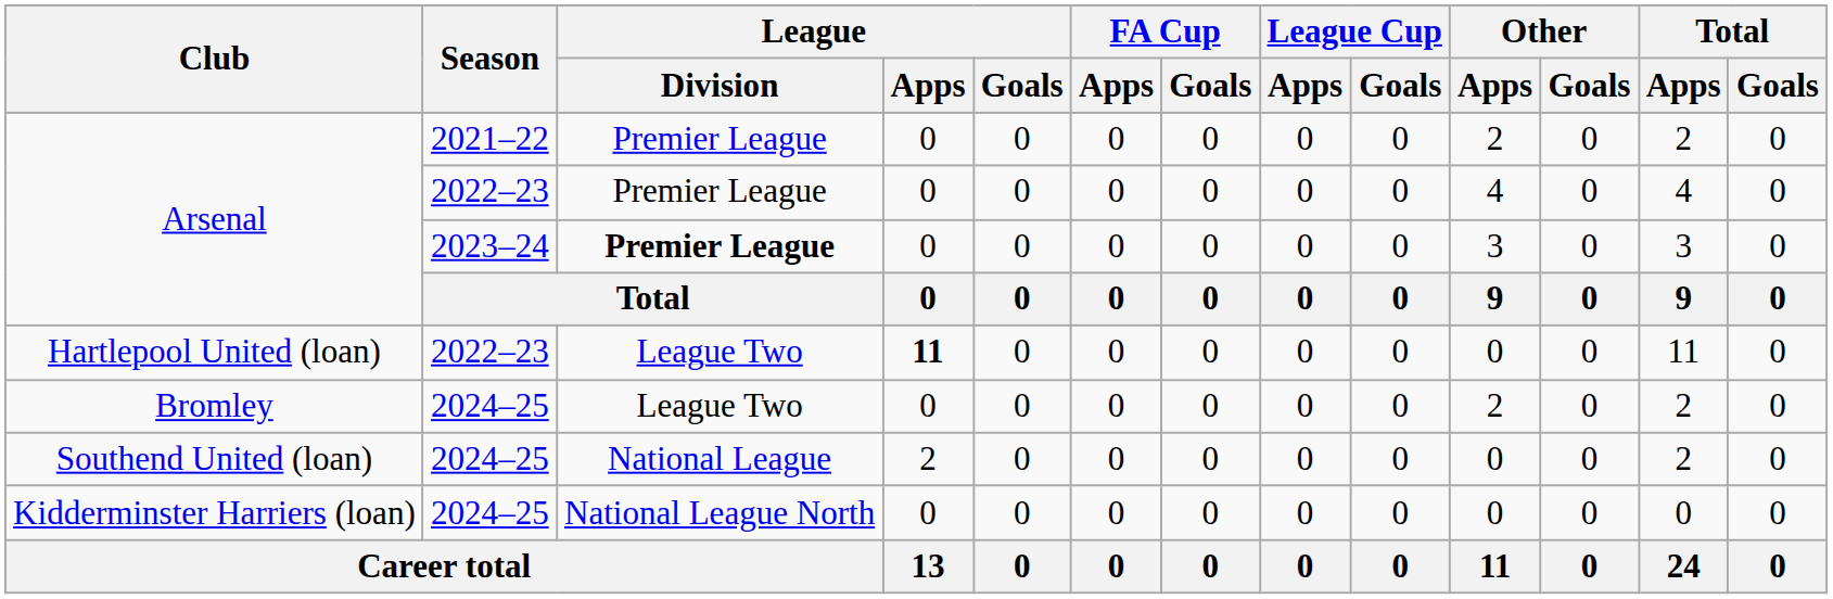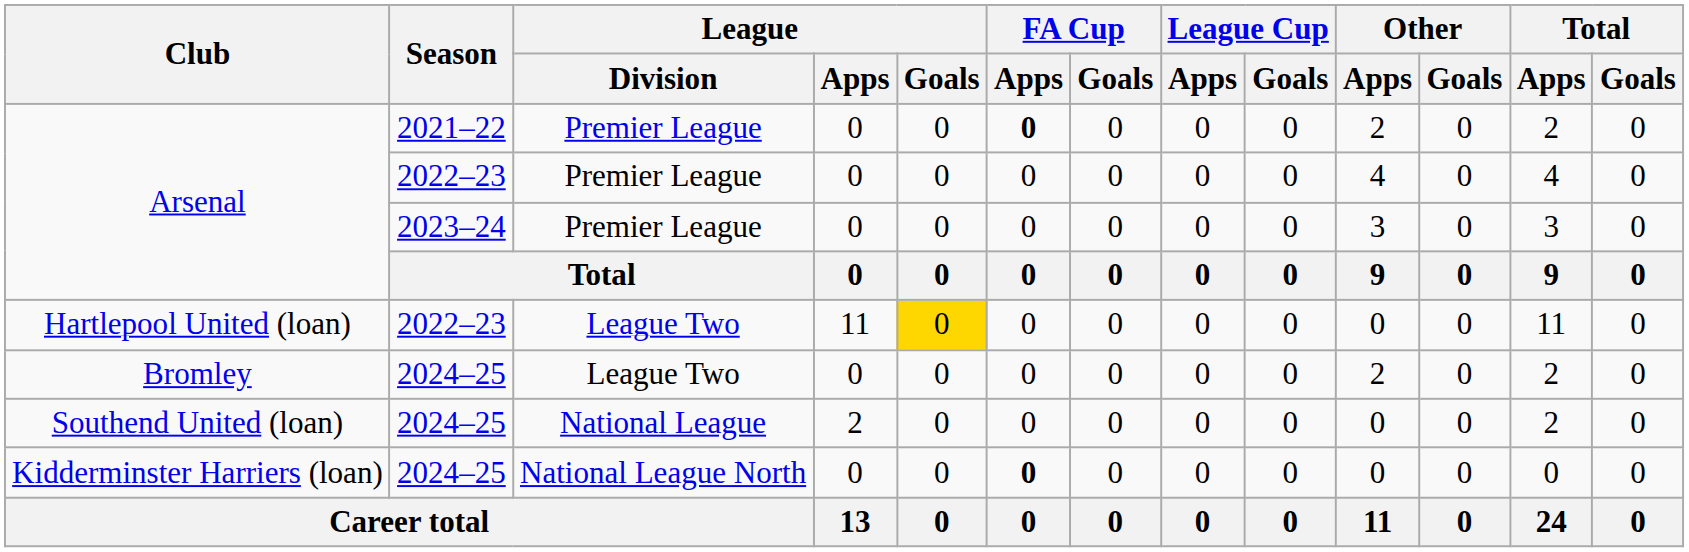 <table class="wikitable" style="text-align: center">
 <tr>
 <th rowspan="2">Club</th>
 <th rowspan="2">Season</th>
 <th colspan="3">League</th>
 <th colspan="2"><a href='#'>FA Cup</a></th>
 <th colspan="2"><a href='#'>League Cup</a></th>
 <th colspan="2">Other</th>
 <th colspan="2">Total</th>
 </tr>
 <tr>
 <th>Division</th>
 <th>Apps</th>
 <th>Goals</th>
 <th>Apps</th>
 <th>Goals</th>
 <th>Apps</th>
 <th>Goals</th>
 <th>Apps</th>
 <th>Goals</th>
 <th>Apps</th>
 <th>Goals</th>
 </tr>
 <tr>
 <td rowspan="4"><a href='#'>Arsenal</a></td>
 <td><a href='#'>2021–22</a></td>
 <td><a href='#'>Premier League</a></td>
 <td>0</td>
 <td>0</td>
-<td>0</td>
+<td><strong>0</strong></td>
 <td>0</td>
 <td>0</td>
 <td>0</td>
 <td>2</td>
 <td>0</td>
 <td>2</td>
 <td>0</td>
 </tr>
 <tr>
 <td><a href='#'>2022–23</a></td>
 <td>Premier League</td>
 <td>0</td>
 <td>0</td>
 <td>0</td>
 <td>0</td>
 <td>0</td>
 <td>0</td>
 <td>4</td>
 <td>0</td>
 <td>4</td>
 <td>0</td>
 </tr>
 <tr>
 <td><a href='#'>2023–24</a></td>
-<td><strong>Premier League</strong></td>
+<td>Premier League</td>
 <td>0</td>
 <td>0</td>
 <td>0</td>
 <td>0</td>
 <td>0</td>
 <td>0</td>
 <td>3</td>
 <td>0</td>
 <td>3</td>
 <td>0</td>
 </tr>
 <tr>
 <th colspan="2">Total</th>
 <th>0</th>
 <th>0</th>
 <th>0</th>
 <th>0</th>
 <th>0</th>
 <th>0</th>
 <th>9</th>
 <th>0</th>
 <th>9</th>
 <th>0</th>
 </tr>
 <tr>
 <td><a href='#'>Hartlepool United</a> (loan)</td>
 <td><a href='#'>2022–23</a></td>
 <td><a href='#'>League Two</a></td>
-<td><strong>11</strong></td>
-<td>0</td>
+<td>11</td>
+<td style="background: gold;">0</td>
 <td>0</td>
 <td>0</td>
 <td>0</td>
 <td>0</td>
 <td>0</td>
 <td>0</td>
 <td>11</td>
 <td>0</td>
 </tr>
 <tr>
 <td><a href='#'>Bromley</a></td>
 <td><a href='#'>2024–25</a></td>
 <td>League Two</td>
 <td>0</td>
 <td>0</td>
 <td>0</td>
 <td>0</td>
 <td>0</td>
 <td>0</td>
 <td>2</td>
 <td>0</td>
 <td>2</td>
 <td>0</td>
 </tr>
 <tr>
 <td><a href='#'>Southend United</a> (loan)</td>
 <td><a href='#'>2024–25</a></td>
 <td><a href='#'>National League</a></td>
 <td>2</td>
 <td>0</td>
 <td>0</td>
 <td>0</td>
 <td>0</td>
 <td>0</td>
 <td>0</td>
 <td>0</td>
 <td>2</td>
 <td>0</td>
 </tr>
 <tr>
 <td><a href='#'>Kidderminster Harriers</a> (loan)</td>
 <td><a href='#'>2024–25</a></td>
 <td><a href='#'>National League North</a></td>
 <td>0</td>
 <td>0</td>
-<td>0</td>
+<td><strong>0</strong></td>
 <td>0</td>
 <td>0</td>
 <td>0</td>
 <td>0</td>
 <td>0</td>
 <td>0</td>
 <td>0</td>
 </tr>
 <tr>
 <th colspan="3">Career total</th>
 <th>13</th>
 <th>0</th>
 <th>0</th>
 <th>0</th>
 <th>0</th>
 <th>0</th>
 <th>11</th>
 <th>0</th>
 <th>24</th>
 <th>0</th>
 </tr>
 </table>
